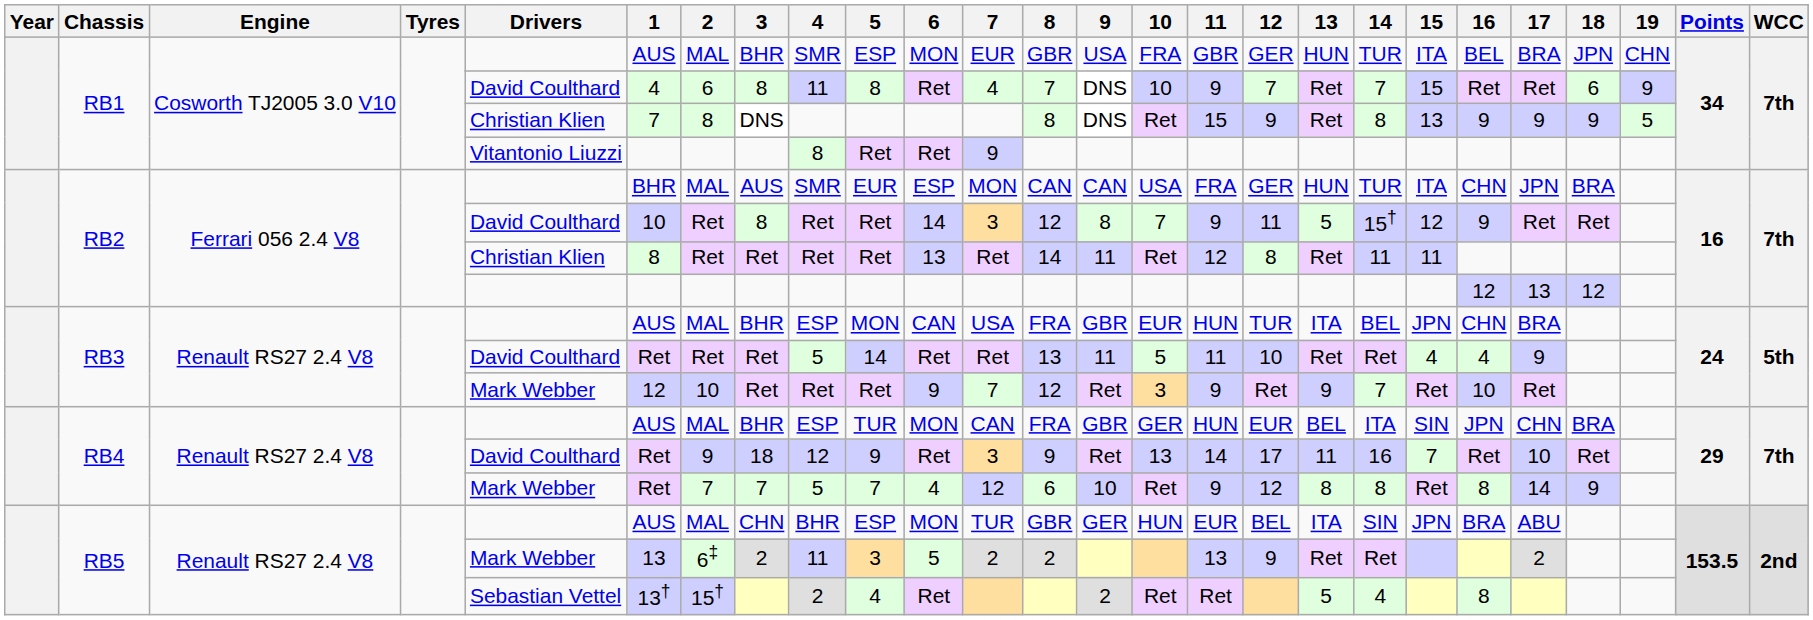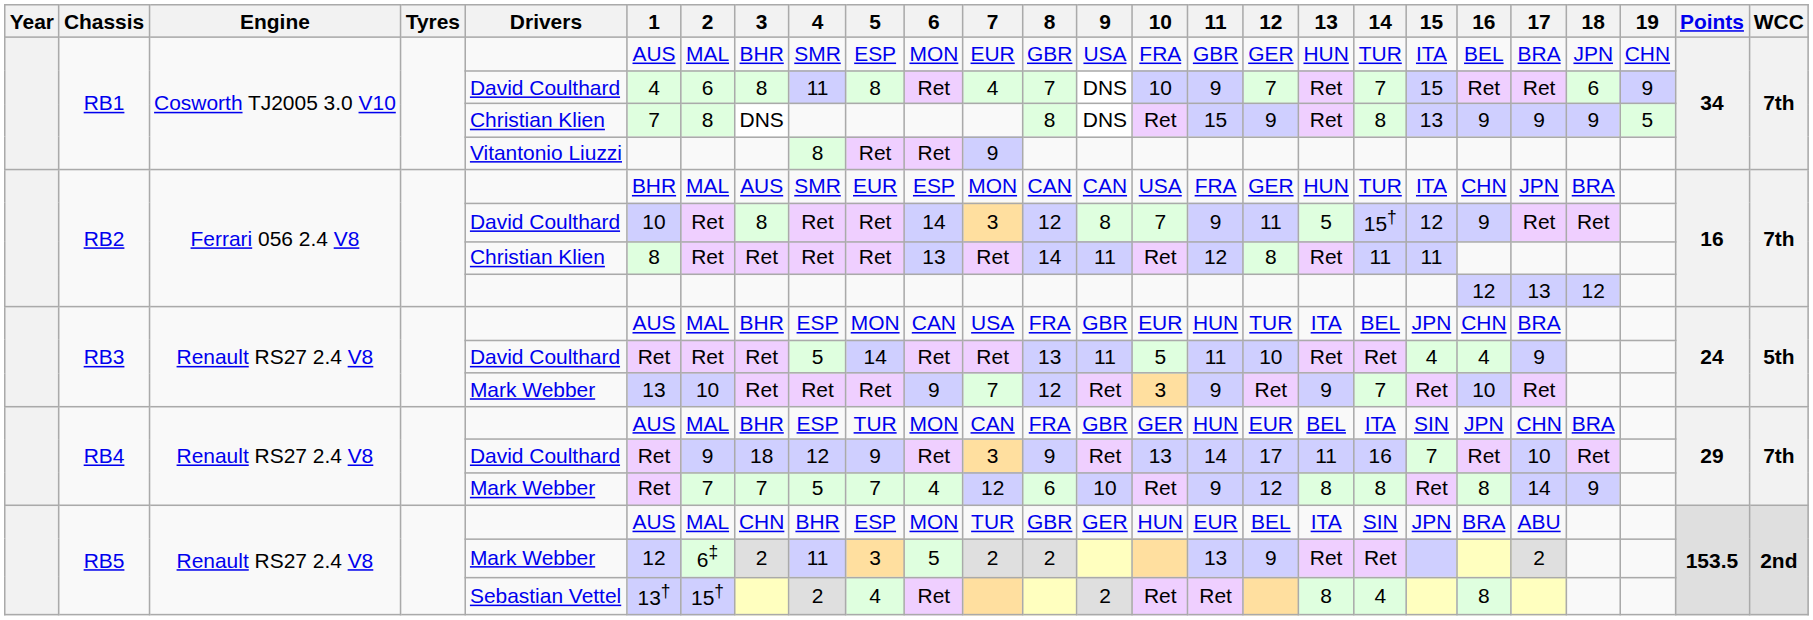 <table class="wikitable" style="text-align:center; font-size:85%;">
 <tr>
 <th>Year</th>
 <th>Chassis</th>
 <th>Engine</th>
 <th>Tyres</th>
 <th>Drivers</th>
 <th>1</th>
 <th>2</th>
 <th>3</th>
 <th>4</th>
 <th>5</th>
 <th>6</th>
 <th>7</th>
 <th>8</th>
 <th>9</th>
 <th>10</th>
 <th>11</th>
 <th>12</th>
 <th>13</th>
 <th>14</th>
 <th>15</th>
 <th>16</th>
 <th>17</th>
 <th>18</th>
 <th>19</th>
 <th><a href='#'>Points</a></th>
 <th>WCC</th>
 </tr>
 <tr>
 <th rowspan="4"></th>
 <td rowspan="4"><a href='#'>RB1</a></td>
 <td rowspan="4"><a href='#'>Cosworth</a> TJ2005 3.0 <a href='#'>V10</a></td>
 <td rowspan="4"></td>
 <td></td>
 <td><a href='#'>AUS</a></td>
 <td><a href='#'>MAL</a></td>
 <td><a href='#'>BHR</a></td>
 <td><a href='#'>SMR</a></td>
 <td><a href='#'>ESP</a></td>
 <td><a href='#'>MON</a></td>
 <td><a href='#'>EUR</a></td>
 <td><a href='#'>GBR</a></td>
 <td><a href='#'>USA</a></td>
 <td><a href='#'>FRA</a></td>
 <td><a href='#'>GBR</a></td>
 <td><a href='#'>GER</a></td>
 <td><a href='#'>HUN</a></td>
 <td><a href='#'>TUR</a></td>
 <td><a href='#'>ITA</a></td>
 <td><a href='#'>BEL</a></td>
 <td><a href='#'>BRA</a></td>
 <td><a href='#'>JPN</a></td>
 <td><a href='#'>CHN</a></td>
 <th rowspan="4">34</th>
 <th rowspan="4">7th</th>
 </tr>
 <tr>
 <td align="left"> <a href='#'>David Coulthard</a></td>
 <td style="background:#dfffdf;">4</td>
 <td style="background:#dfffdf;">6</td>
 <td style="background:#dfffdf;">8</td>
 <td style="background:#cfcfff;">11</td>
 <td style="background:#dfffdf;">8</td>
 <td style="background:#efcfff;">Ret</td>
 <td style="background:#dfffdf;">4</td>
 <td style="background:#dfffdf;">7</td>
 <td style="background:#ffffff;">DNS</td>
 <td style="background:#cfcfff;">10</td>
 <td style="background:#cfcfff;">9</td>
 <td style="background:#dfffdf;">7</td>
 <td style="background:#efcfff;">Ret</td>
 <td style="background:#dfffdf;">7</td>
 <td style="background:#cfcfff;">15</td>
 <td style="background:#efcfff;">Ret</td>
 <td style="background:#efcfff;">Ret</td>
 <td style="background:#dfffdf;">6</td>
 <td style="background:#cfcfff;">9</td>
 </tr>
 <tr>
 <td align="left"> <a href='#'>Christian Klien</a></td>
 <td style="background:#dfffdf;">7</td>
 <td style="background:#dfffdf;">8</td>
 <td style="background:#ffffff;">DNS</td>
 <td></td>
 <td></td>
 <td></td>
 <td></td>
 <td style="background:#dfffdf;">8</td>
 <td style="background:#ffffff;">DNS</td>
 <td style="background:#efcfff;">Ret</td>
 <td style="background:#cfcfff;">15</td>
 <td style="background:#cfcfff;">9</td>
 <td style="background:#efcfff;">Ret</td>
 <td style="background:#dfffdf;">8</td>
 <td style="background:#cfcfff;">13</td>
 <td style="background:#cfcfff;">9</td>
 <td style="background:#cfcfff;">9</td>
 <td style="background:#cfcfff;">9</td>
 <td style="background:#dfffdf;">5</td>
 </tr>
 <tr>
 <td align="left"> <a href='#'>Vitantonio Liuzzi</a></td>
 <td></td>
 <td></td>
 <td></td>
 <td style="background:#dfffdf;">8</td>
 <td style="background:#efcfff;">Ret</td>
 <td style="background:#efcfff;">Ret</td>
 <td style="background:#cfcfff;">9</td>
 <td></td>
 <td></td>
 <td></td>
 <td></td>
 <td></td>
 <td></td>
 <td></td>
 <td></td>
 <td></td>
 <td></td>
 <td></td>
 <td></td>
 </tr>
 <tr>
 <th rowspan="4"></th>
 <td rowspan="4"><a href='#'>RB2</a></td>
 <td rowspan="4"><a href='#'>Ferrari</a> 056 2.4 <a href='#'>V8</a></td>
 <td rowspan="4"></td>
 <td></td>
 <td><a href='#'>BHR</a></td>
 <td><a href='#'>MAL</a></td>
 <td><a href='#'>AUS</a></td>
 <td><a href='#'>SMR</a></td>
 <td><a href='#'>EUR</a></td>
 <td><a href='#'>ESP</a></td>
 <td><a href='#'>MON</a></td>
 <td><a href='#'>CAN</a></td>
 <td><a href='#'>CAN</a></td>
 <td><a href='#'>USA</a></td>
 <td><a href='#'>FRA</a></td>
 <td><a href='#'>GER</a></td>
 <td><a href='#'>HUN</a></td>
 <td><a href='#'>TUR</a></td>
 <td><a href='#'>ITA</a></td>
 <td><a href='#'>CHN</a></td>
 <td><a href='#'>JPN</a></td>
 <td><a href='#'>BRA</a></td>
 <td></td>
 <th rowspan="4">16</th>
 <th rowspan="4">7th</th>
 </tr>
 <tr>
 <td align="left"> <a href='#'>David Coulthard</a></td>
 <td style="background:#cfcfff;">10</td>
 <td style="background:#efcfff;">Ret</td>
 <td style="background:#dfffdf;">8</td>
 <td style="background:#efcfff;">Ret</td>
 <td style="background:#efcfff;">Ret</td>
 <td style="background:#cfcfff;">14</td>
 <td style="background:#ffdf9f;">3</td>
 <td style="background:#cfcfff;">12</td>
 <td style="background:#dfffdf;">8</td>
 <td style="background:#dfffdf;">7</td>
 <td style="background:#cfcfff;">9</td>
 <td style="background:#cfcfff;">11</td>
 <td style="background:#dfffdf;">5</td>
 <td style="background:#cfcfff;">15<sup>†</sup></td>
 <td style="background:#cfcfff;">12</td>
 <td style="background:#cfcfff;">9</td>
 <td style="background:#efcfff;">Ret</td>
 <td style="background:#efcfff;">Ret</td>
 <td></td>
 </tr>
 <tr>
 <td align="left"> <a href='#'>Christian Klien</a></td>
 <td style="background:#dfffdf;">8</td>
 <td style="background:#efcfff;">Ret</td>
 <td style="background:#efcfff;">Ret</td>
 <td style="background:#efcfff;">Ret</td>
 <td style="background:#efcfff;">Ret</td>
 <td style="background:#cfcfff;">13</td>
 <td style="background:#efcfff;">Ret</td>
 <td style="background:#cfcfff;">14</td>
 <td style="background:#cfcfff;">11</td>
 <td style="background:#efcfff;">Ret</td>
 <td style="background:#cfcfff;">12</td>
 <td style="background:#dfffdf;">8</td>
 <td style="background:#efcfff;">Ret</td>
 <td style="background:#cfcfff;">11</td>
 <td style="background:#cfcfff;">11</td>
 <td></td>
 <td></td>
 <td></td>
 <td></td>
 </tr>
 <tr>
 <td align="left"></td>
 <td></td>
 <td></td>
 <td></td>
 <td></td>
 <td></td>
 <td></td>
 <td></td>
 <td></td>
 <td></td>
 <td></td>
 <td></td>
 <td></td>
 <td></td>
 <td></td>
 <td></td>
 <td style="background:#cfcfff;">12</td>
 <td style="background:#cfcfff;">13</td>
 <td style="background:#cfcfff;">12</td>
 <td></td>
 </tr>
 <tr>
 <th rowspan="3"></th>
 <td rowspan="3"><a href='#'>RB3</a></td>
 <td rowspan="3"><a href='#'>Renault</a> RS27 2.4 <a href='#'>V8</a></td>
 <td rowspan="3"></td>
 <td></td>
 <td><a href='#'>AUS</a></td>
 <td><a href='#'>MAL</a></td>
 <td><a href='#'>BHR</a></td>
 <td><a href='#'>ESP</a></td>
 <td><a href='#'>MON</a></td>
 <td><a href='#'>CAN</a></td>
 <td><a href='#'>USA</a></td>
 <td><a href='#'>FRA</a></td>
 <td><a href='#'>GBR</a></td>
 <td><a href='#'>EUR</a></td>
 <td><a href='#'>HUN</a></td>
 <td><a href='#'>TUR</a></td>
 <td><a href='#'>ITA</a></td>
 <td><a href='#'>BEL</a></td>
 <td><a href='#'>JPN</a></td>
 <td><a href='#'>CHN</a></td>
 <td><a href='#'>BRA</a></td>
 <td></td>
 <td></td>
 <th rowspan="3">24</th>
 <th rowspan="3">5th</th>
 </tr>
 <tr>
 <td align="left"> <a href='#'>David Coulthard</a></td>
 <td style="background:#efcfff;">Ret</td>
 <td style="background:#efcfff;">Ret</td>
 <td style="background:#efcfff;">Ret</td>
 <td style="background:#dfffdf;">5</td>
 <td style="background:#cfcfff;">14</td>
 <td style="background:#efcfff;">Ret</td>
 <td style="background:#efcfff;">Ret</td>
 <td style="background:#cfcfff;">13</td>
 <td style="background:#cfcfff;">11</td>
 <td style="background:#dfffdf;">5</td>
 <td style="background:#cfcfff;">11</td>
 <td style="background:#cfcfff;">10</td>
 <td style="background:#efcfff;">Ret</td>
 <td style="background:#efcfff;">Ret</td>
 <td style="background:#dfffdf;">4</td>
 <td style="background:#dfffdf;">4</td>
 <td style="background:#cfcfff;">9</td>
 <td></td>
 <td></td>
 </tr>
 <tr>
 <td align="left"> <a href='#'>Mark Webber</a></td>
-<td style="background:#cfcfff;">12</td>
+<td style="background:#cfcfff;">13</td>
 <td style="background:#cfcfff;">10</td>
 <td style="background:#efcfff;">Ret</td>
 <td style="background:#efcfff;">Ret</td>
 <td style="background:#efcfff;">Ret</td>
 <td style="background:#cfcfff;">9</td>
 <td style="background:#dfffdf;">7</td>
 <td style="background:#cfcfff;">12</td>
 <td style="background:#efcfff;">Ret</td>
 <td style="background:#ffdf9f;">3</td>
 <td style="background:#cfcfff;">9</td>
 <td style="background:#efcfff;">Ret</td>
 <td style="background:#cfcfff;">9</td>
 <td style="background:#dfffdf;">7</td>
 <td style="background:#efcfff;">Ret</td>
 <td style="background:#cfcfff;">10</td>
 <td style="background:#efcfff;">Ret</td>
 <td></td>
 <td></td>
 </tr>
 <tr>
 <th rowspan="3"></th>
 <td rowspan="3"><a href='#'>RB4</a></td>
 <td rowspan="3"><a href='#'>Renault</a> RS27 2.4 <a href='#'>V8</a></td>
 <td rowspan="3"></td>
 <td></td>
 <td><a href='#'>AUS</a></td>
 <td><a href='#'>MAL</a></td>
 <td><a href='#'>BHR</a></td>
 <td><a href='#'>ESP</a></td>
 <td><a href='#'>TUR</a></td>
 <td><a href='#'>MON</a></td>
 <td><a href='#'>CAN</a></td>
 <td><a href='#'>FRA</a></td>
 <td><a href='#'>GBR</a></td>
 <td><a href='#'>GER</a></td>
 <td><a href='#'>HUN</a></td>
 <td><a href='#'>EUR</a></td>
 <td><a href='#'>BEL</a></td>
 <td><a href='#'>ITA</a></td>
 <td><a href='#'>SIN</a></td>
 <td><a href='#'>JPN</a></td>
 <td><a href='#'>CHN</a></td>
 <td><a href='#'>BRA</a></td>
 <td></td>
 <th rowspan="3">29</th>
 <th rowspan="3">7th</th>
 </tr>
 <tr>
 <td align="left"> <a href='#'>David Coulthard</a></td>
 <td style="background:#efcfff;">Ret</td>
 <td style="background:#cfcfff;">9</td>
 <td style="background:#cfcfff;">18</td>
 <td style="background:#cfcfff;">12</td>
 <td style="background:#cfcfff;">9</td>
 <td style="background:#efcfff;">Ret</td>
 <td style="background:#ffdf9f;">3</td>
 <td style="background:#cfcfff;">9</td>
 <td style="background:#efcfff;">Ret</td>
 <td style="background:#cfcfff;">13</td>
 <td style="background:#cfcfff;">14</td>
 <td style="background:#cfcfff;">17</td>
 <td style="background:#cfcfff;">11</td>
 <td style="background:#cfcfff;">16</td>
 <td style="background:#dfffdf;">7</td>
 <td style="background:#efcfff;">Ret</td>
 <td style="background:#cfcfff;">10</td>
 <td style="background:#efcfff;">Ret</td>
 <td></td>
 </tr>
 <tr>
 <td align="left"> <a href='#'>Mark Webber</a></td>
 <td style="background:#efcfff;">Ret</td>
 <td style="background:#dfffdf;">7</td>
 <td style="background:#dfffdf;">7</td>
 <td style="background:#dfffdf;">5</td>
 <td style="background:#dfffdf;">7</td>
 <td style="background:#dfffdf;">4</td>
 <td style="background:#cfcfff;">12</td>
 <td style="background:#dfffdf;">6</td>
 <td style="background:#cfcfff;">10</td>
 <td style="background:#efcfff;">Ret</td>
 <td style="background:#cfcfff;">9</td>
 <td style="background:#cfcfff;">12</td>
 <td style="background:#dfffdf;">8</td>
 <td style="background:#dfffdf;">8</td>
 <td style="background:#efcfff;">Ret</td>
 <td style="background:#dfffdf;">8</td>
 <td style="background:#cfcfff;">14</td>
 <td style="background:#cfcfff;">9</td>
 <td></td>
 </tr>
 <tr>
 <th rowspan="3"></th>
 <td rowspan="3"><a href='#'>RB5</a></td>
 <td rowspan="3"><a href='#'>Renault</a> RS27 2.4 <a href='#'>V8</a></td>
 <td rowspan="3"></td>
 <td></td>
 <td><a href='#'>AUS</a></td>
 <td><a href='#'>MAL</a></td>
 <td><a href='#'>CHN</a></td>
 <td><a href='#'>BHR</a></td>
 <td><a href='#'>ESP</a></td>
 <td><a href='#'>MON</a></td>
 <td><a href='#'>TUR</a></td>
 <td><a href='#'>GBR</a></td>
 <td><a href='#'>GER</a></td>
 <td><a href='#'>HUN</a></td>
 <td><a href='#'>EUR</a></td>
 <td><a href='#'>BEL</a></td>
 <td><a href='#'>ITA</a></td>
 <td><a href='#'>SIN</a></td>
 <td><a href='#'>JPN</a></td>
 <td><a href='#'>BRA</a></td>
 <td><a href='#'>ABU</a></td>
 <td></td>
 <td></td>
 <td style="background:#dfdfdf;" rowspan="3"><strong>153.5</strong></td>
 <td style="background:#dfdfdf;" rowspan="3"><strong>2nd</strong></td>
 </tr>
 <tr>
 <td align="left"> <a href='#'>Mark Webber</a></td>
-<td style="background:#cfcfff;">13</td>
+<td style="background:#cfcfff;">12</td>
 <td style="background:#dfffdf;">6<sup>‡</sup></td>
 <td style="background:#dfdfdf;">2</td>
 <td style="background:#cfcfff;">11</td>
 <td style="background:#ffdf9f;">3</td>
 <td style="background:#dfffdf;">5</td>
 <td style="background:#dfdfdf;">2</td>
 <td style="background:#dfdfdf;">2</td>
 <td style="background:#ffffbf;"></td>
 <td style="background:#ffdf9f;"></td>
 <td style="background:#cfcfff;">13</td>
 <td style="background:#cfcfff;">9</td>
 <td style="background:#efcfff;">Ret</td>
 <td style="background:#efcfff;">Ret</td>
 <td style="background:#cfcfff;"></td>
 <td style="background:#ffffbf;"></td>
 <td style="background:#dfdfdf;">2</td>
 <td></td>
 <td></td>
 </tr>
 <tr>
 <td align="left"> <a href='#'>Sebastian Vettel</a></td>
 <td style="background:#cfcfff;">13<sup>†</sup></td>
 <td style="background:#cfcfff;">15<sup>†</sup></td>
 <td style="background:#ffffbf;"></td>
 <td style="background:#dfdfdf;">2</td>
 <td style="background:#dfffdf;">4</td>
 <td style="background:#efcfff;">Ret</td>
 <td style="background:#ffdf9f;"></td>
 <td style="background:#ffffbf;"></td>
 <td style="background:#dfdfdf;">2</td>
 <td style="background:#efcfff;">Ret</td>
 <td style="background:#efcfff;">Ret</td>
 <td style="background:#ffdf9f;"></td>
-<td style="background:#dfffdf;">5</td>
+<td style="background:#dfffdf;">8</td>
 <td style="background:#dfffdf;">4</td>
 <td style="background:#ffffbf;"></td>
 <td style="background:#dfffdf;">8</td>
 <td style="background:#ffffbf;"></td>
 <td></td>
 <td></td>
 </tr>
 </table>
